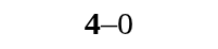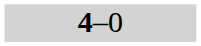 <table style="text-align:center">
 <tr>
 <th width=223></th>
 <th width=100></th>
 <th width=223></th>
 </tr>
 <tr>
 <td align=right><strong></strong></td>
-<td><strong>4</strong>–0</td>
+<td style="background: lightgrey;"><strong>4</strong>–0</td>
 <td align=left></td>
 </tr>
 </table>
